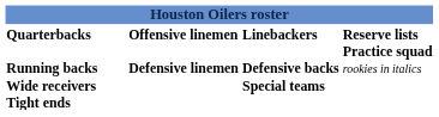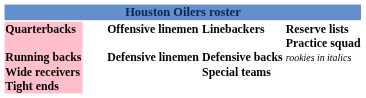 <table class="toccolours" style="text-align: left;">
 <tr>
 <th colspan="7" style="background-color: #648fcc;color:#0d254c;text-align:center;">Houston Oilers roster</th>
 </tr>
 <tr>
-<td style="font-size: 95%;" valign="top"><strong>Quarterbacks</strong><br> <br><strong>Running backs</strong>     <br><strong>Wide receivers</strong>      <br><strong>Tight ends</strong>   </td>
+<td style="background: pink; font-size: 95%;" valign="top"><strong>Quarterbacks</strong><br> <br><strong>Running backs</strong>     <br><strong>Wide receivers</strong>      <br><strong>Tight ends</strong>   </td>
 <td style="width: 25px;"></td>
 <td style="font-size: 95%;" valign="top"><strong>Offensive linemen</strong><br>       <br><strong>Defensive linemen</strong>      </td>
 <td style="font-size: 95%;" valign="top"><strong>Linebackers</strong><br>     <br><strong>Defensive backs</strong>       <br><strong>Special teams</strong> </td>
 <td style="font-size: 95%;" valign="top"><strong>Reserve lists</strong><br><strong>Practice squad</strong><br><small><em>rookies in italics</em></small><br></td>
 </tr>
 <tr>
 </tr>
 </table>
